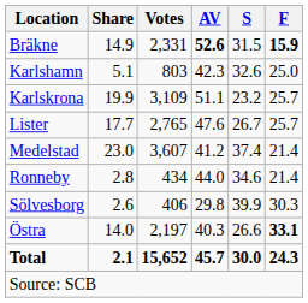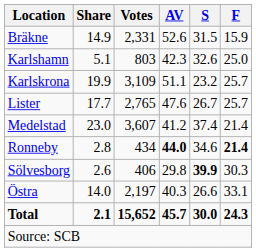 <table class="wikitable sortable" style=text-align:right>
 <tr>
 <th>Location</th>
 <th>Share</th>
 <th>Votes</th>
 <th><a href='#'>AV</a></th>
 <th><a href='#'>S</a></th>
 <th><a href='#'>F</a></th>
 </tr>
 <tr>
 <td align=left><a href='#'>Bräkne</a></td>
 <td>14.9</td>
 <td>2,331</td>
-<td><strong>52.6</strong></td>
+<td>52.6</td>
 <td>31.5</td>
-<td><strong>15.9</strong></td>
+<td>15.9</td>
 </tr>
 <tr>
 <td align=left><a href='#'>Karlshamn</a></td>
 <td>5.1</td>
 <td>803</td>
 <td>42.3</td>
 <td>32.6</td>
 <td>25.0</td>
 </tr>
 <tr>
 <td align=left><a href='#'>Karlskrona</a></td>
 <td>19.9</td>
 <td>3,109</td>
 <td>51.1</td>
 <td>23.2</td>
 <td>25.7</td>
 </tr>
 <tr>
 <td align=left><a href='#'>Lister</a></td>
 <td>17.7</td>
 <td>2,765</td>
 <td>47.6</td>
 <td>26.7</td>
 <td>25.7</td>
 </tr>
 <tr>
 <td align=left><a href='#'>Medelstad</a></td>
 <td>23.0</td>
 <td>3,607</td>
 <td>41.2</td>
 <td>37.4</td>
 <td>21.4</td>
 </tr>
 <tr>
 <td align=left><a href='#'>Ronneby</a></td>
 <td>2.8</td>
 <td>434</td>
-<td>44.0</td>
+<td><strong>44.0</strong></td>
 <td>34.6</td>
-<td>21.4</td>
+<td><strong>21.4</strong></td>
 </tr>
 <tr>
 <td align=left><a href='#'>Sölvesborg</a></td>
 <td>2.6</td>
 <td>406</td>
 <td>29.8</td>
-<td>39.9</td>
+<td><strong>39.9</strong></td>
 <td>30.3</td>
 </tr>
 <tr>
 <td align=left><a href='#'>Östra</a></td>
 <td>14.0</td>
 <td>2,197</td>
 <td>40.3</td>
 <td>26.6</td>
-<td><strong>33.1</strong></td>
+<td>33.1</td>
 </tr>
 <tr>
 <td align=left><strong>Total</strong></td>
 <td><strong>2.1</strong></td>
 <td><strong>15,652</strong></td>
 <td><strong>45.7</strong></td>
 <td><strong>30.0</strong></td>
 <td><strong>24.3</strong></td>
 </tr>
 <tr>
 <td align=left colspan=6>Source: SCB </td>
 </tr>
 </table>
